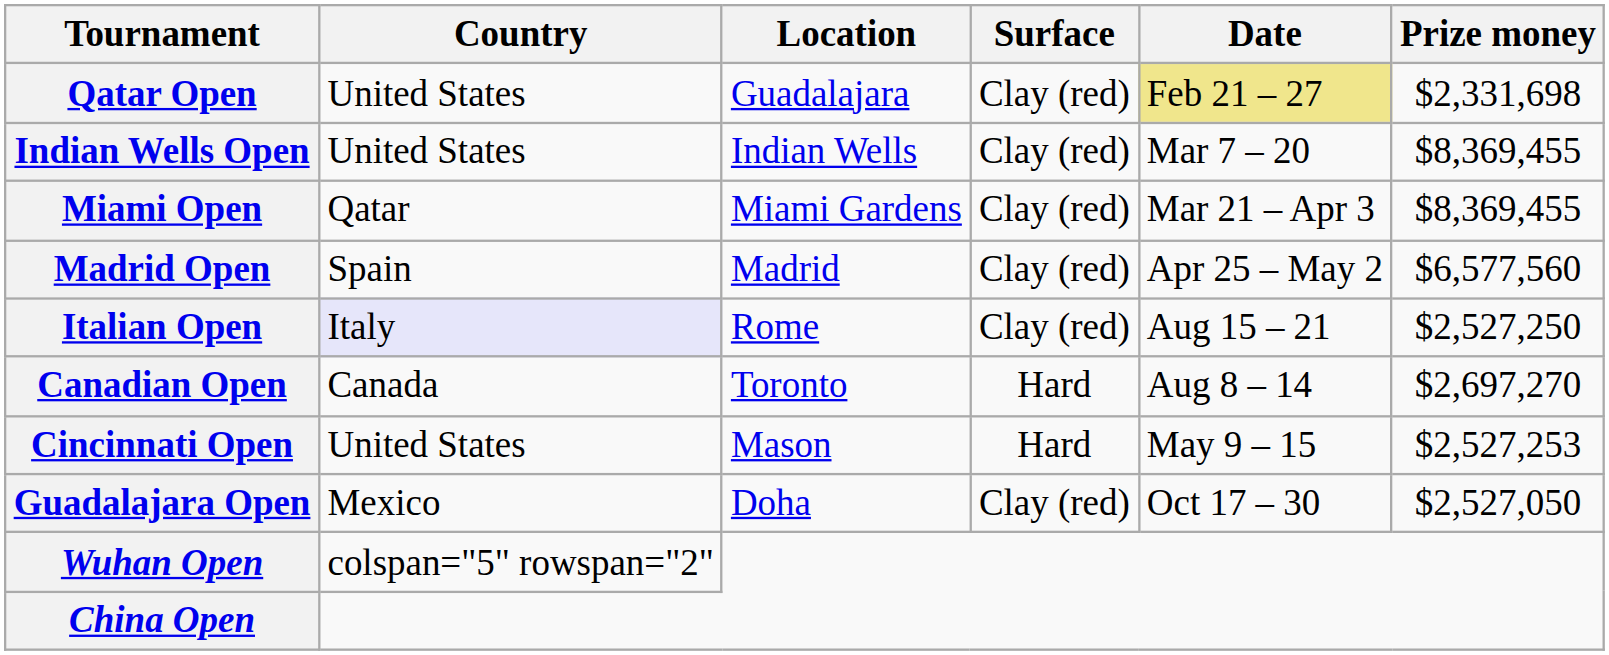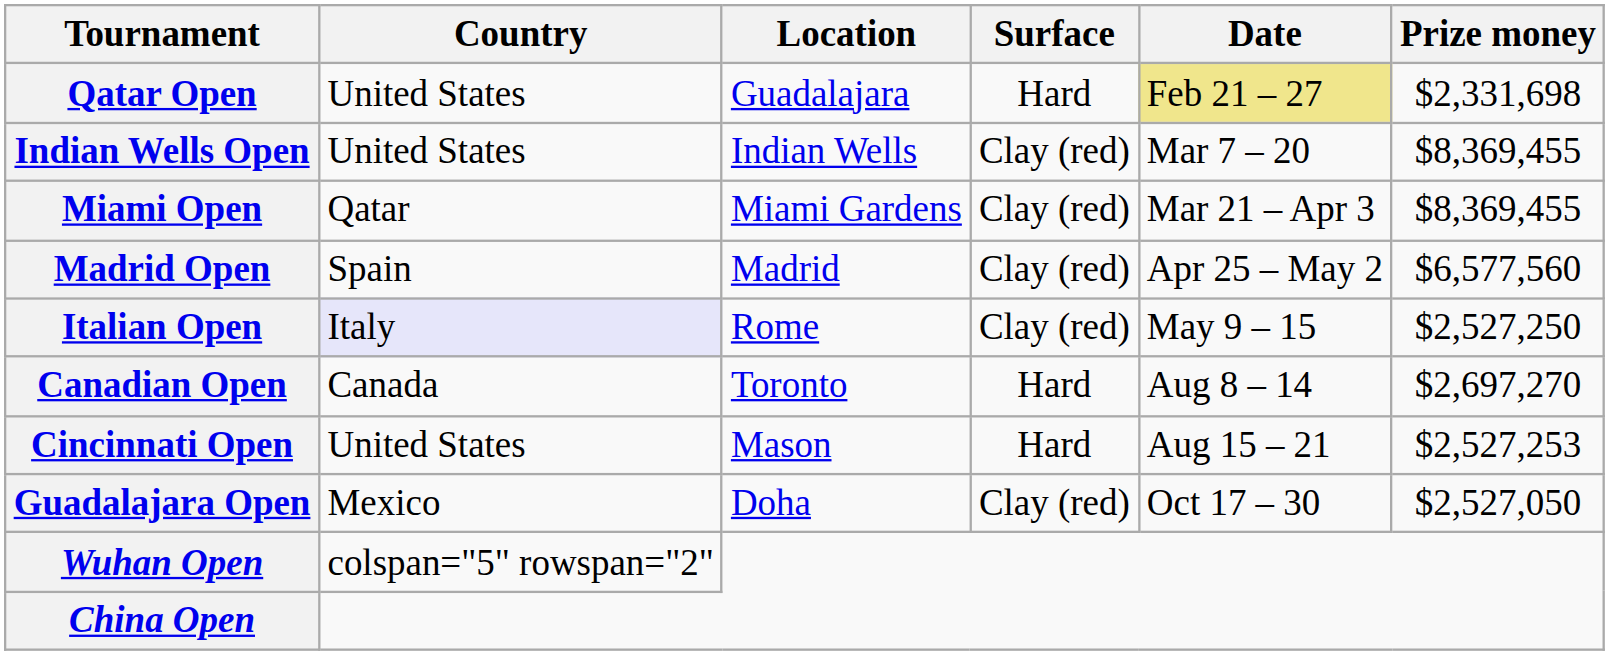 <table class="wikitable plainrowheaders nowrap">
 <tr>
 <th scope="col">Tournament</th>
 <th scope="col">Country</th>
 <th scope="col">Location</th>
 <th scope="col">Surface</th>
 <th scope="col">Date</th>
 <th scope="col">Prize money</th>
 </tr>
 <tr>
 <th scope="row"><a href='#'>Qatar Open</a></th>
 <td>United States</td>
 <td><a href='#'>Guadalajara</a></td>
-<td align="center">Clay (red)</td>
+<td align="center">Hard</td>
 <td style="background: khaki;">Feb 21 – 27</td>
 <td align="center">$2,331,698</td>
 </tr>
 <tr>
 <th scope="row"><a href='#'>Indian Wells Open</a></th>
 <td>United States</td>
 <td><a href='#'>Indian Wells</a></td>
 <td align="center">Clay (red)</td>
 <td>Mar 7 – 20</td>
 <td align="center">$8,369,455</td>
 </tr>
 <tr>
 <th scope="row"><a href='#'>Miami Open</a></th>
 <td>Qatar</td>
 <td><a href='#'>Miami Gardens</a></td>
 <td align="center">Clay (red)</td>
 <td>Mar 21 – Apr 3</td>
 <td align="center">$8,369,455</td>
 </tr>
 <tr>
 <th scope="row"><a href='#'>Madrid Open</a></th>
 <td>Spain</td>
 <td><a href='#'>Madrid</a></td>
 <td align="center">Clay (red)</td>
 <td>Apr 25 – May 2</td>
 <td align="center">$6,577,560</td>
 </tr>
 <tr>
 <th scope="row"><a href='#'>Italian Open</a></th>
 <td style="background: lavender;">Italy</td>
 <td><a href='#'>Rome</a></td>
 <td align="center">Clay (red)</td>
-<td>Aug 15 – 21</td>
+<td>May 9 – 15</td>
 <td align="center">$2,527,250</td>
 </tr>
 <tr>
 <th scope="row"><a href='#'>Canadian Open</a></th>
 <td>Canada</td>
 <td><a href='#'>Toronto</a></td>
 <td align="center">Hard</td>
 <td>Aug 8 – 14</td>
 <td align="center">$2,697,270</td>
 </tr>
 <tr>
 <th scope="row"><a href='#'>Cincinnati Open</a></th>
 <td>United States</td>
 <td><a href='#'>Mason</a></td>
 <td align="center">Hard</td>
-<td>May 9 – 15</td>
+<td>Aug 15 – 21</td>
 <td align="center">$2,527,253</td>
 </tr>
 <tr>
 <th scope="row"><a href='#'>Guadalajara Open</a></th>
 <td>Mexico</td>
 <td><a href='#'>Doha</a></td>
 <td align="center">Clay (red)</td>
 <td>Oct 17 – 30</td>
 <td align="center">$2,527,050</td>
 </tr>
 <tr>
 <th scope="row"><em><a href='#'>Wuhan Open</a></em></th>
 <td>colspan="5" rowspan="2" </td>
 </tr>
 <tr>
 <th scope="row"><em><a href='#'>China Open</a></em></th>
 </tr>
 </table>
